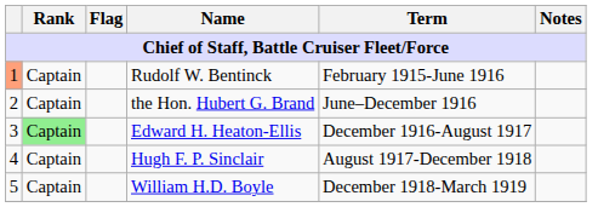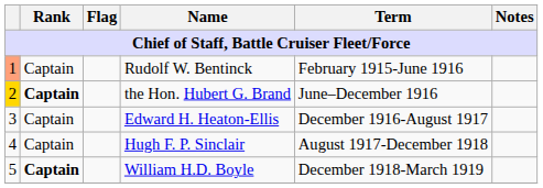 <table class="wikitable">
 <tr>
 <th></th>
 <th>Rank</th>
 <th>Flag</th>
 <th>Name</th>
 <th>Term</th>
 <th>Notes</th>
 </tr>
 <tr>
 <td colspan="6" align="center" style="background:#dcdcfe;"><strong>Chief of Staff, Battle Cruiser Fleet/Force</strong></td>
 </tr>
 <tr>
 <td style="background: lightsalmon;">1</td>
 <td>Captain</td>
 <td></td>
 <td>Rudolf W. Bentinck</td>
 <td>February 1915-June 1916</td>
 <td></td>
 </tr>
 <tr>
-<td>2</td>
-<td>Captain</td>
+<td style="background: gold;">2</td>
+<td><strong>Captain</strong></td>
 <td></td>
 <td>the Hon. <a href='#'>Hubert G. Brand</a></td>
 <td>June–December 1916</td>
 <td></td>
 </tr>
 <tr>
 <td>3</td>
-<td style="background: lightgreen;">Captain</td>
+<td>Captain</td>
 <td></td>
 <td><a href='#'>Edward H. Heaton-Ellis</a></td>
 <td>December 1916-August 1917</td>
 <td></td>
 </tr>
 <tr>
 <td>4</td>
 <td>Captain</td>
 <td></td>
 <td><a href='#'>Hugh F. P. Sinclair</a></td>
 <td>August 1917-December 1918</td>
 <td></td>
 </tr>
 <tr>
 <td>5</td>
-<td>Captain</td>
+<td><strong>Captain</strong></td>
 <td></td>
 <td><a href='#'>William H.D. Boyle</a></td>
 <td>December 1918-March 1919</td>
 <td></td>
 </tr>
 <tr>
 </tr>
 </table>
